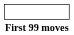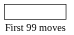 <table style="display:inline; display:inline-table;">
 <tr>
 <td style="border: solid thin; padding: 2px;"><br></td>
 </tr>
 <tr>
-<td style="text-align:center"><strong>First 99 moves</strong></td>
+<td style="text-align:center">First 99 moves</td>
 </tr>
 </table>
